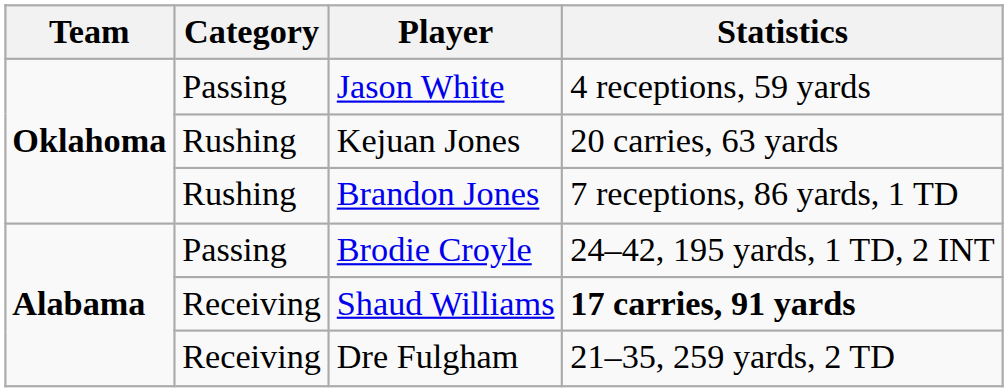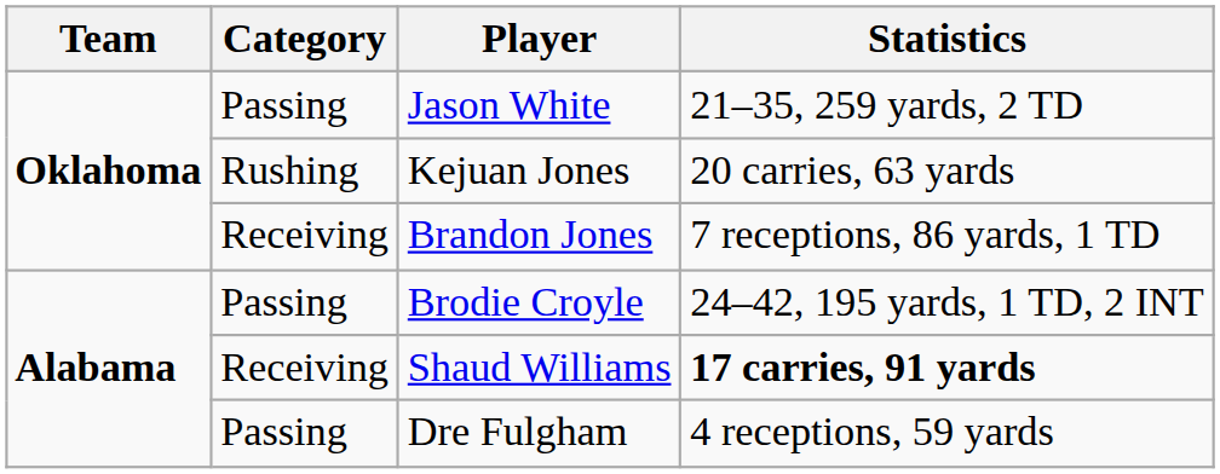 <table class="wikitable" style="float: right;">
 <tr>
 <th>Team</th>
 <th>Category</th>
 <th>Player</th>
 <th>Statistics</th>
 </tr>
 <tr>
 <td rowspan=3><strong>Oklahoma</strong></td>
 <td>Passing</td>
 <td><a href='#'>Jason White</a></td>
-<td>4 receptions, 59 yards</td>
+<td>21–35, 259 yards, 2 TD</td>
 </tr>
 <tr>
 <td>Rushing</td>
 <td>Kejuan Jones</td>
 <td>20 carries, 63 yards</td>
 </tr>
 <tr>
-<td>Rushing</td>
+<td>Receiving</td>
 <td><a href='#'>Brandon Jones</a></td>
 <td>7 receptions, 86 yards, 1 TD</td>
 </tr>
 <tr>
 <td rowspan=3><strong>Alabama</strong></td>
 <td>Passing</td>
 <td><a href='#'>Brodie Croyle</a></td>
 <td>24–42, 195 yards, 1 TD, 2 INT</td>
 </tr>
 <tr>
 <td>Receiving</td>
 <td><a href='#'>Shaud Williams</a></td>
 <td><strong>17 carries, 91 yards</strong></td>
 </tr>
 <tr>
-<td>Receiving</td>
+<td>Passing</td>
 <td>Dre Fulgham</td>
-<td>21–35, 259 yards, 2 TD</td>
+<td>4 receptions, 59 yards</td>
 </tr>
 </table>
